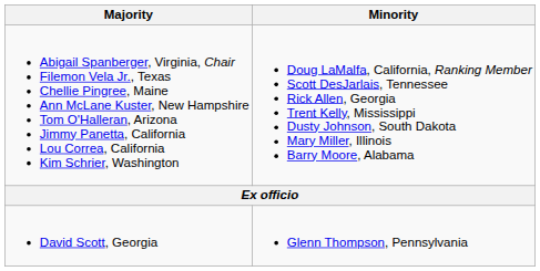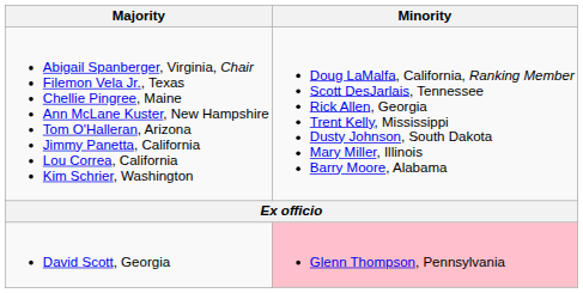 <table class=wikitable>
 <tr>
 <th>Majority</th>
 <th>Minority</th>
 </tr>
 <tr>
 <td><br><ul><li><a href='#'>Abigail Spanberger</a>, Virginia, <em>Chair</em></li><li><a href='#'>Filemon Vela Jr.</a>, Texas</li><li><a href='#'>Chellie Pingree</a>, Maine</li><li><a href='#'>Ann McLane Kuster</a>, New Hampshire</li><li><a href='#'>Tom O'Halleran</a>, Arizona</li><li><a href='#'>Jimmy Panetta</a>, California</li><li><a href='#'>Lou Correa</a>, California</li><li><a href='#'>Kim Schrier</a>, Washington</li></ul></td>
 <td><br><ul><li><a href='#'>Doug LaMalfa</a>, California, <em>Ranking Member</em></li><li><a href='#'>Scott DesJarlais</a>, Tennessee</li><li><a href='#'>Rick Allen</a>, Georgia</li><li><a href='#'>Trent Kelly</a>, Mississippi</li><li><a href='#'>Dusty Johnson</a>, South Dakota</li><li><a href='#'>Mary Miller</a>, Illinois</li><li><a href='#'>Barry Moore</a>, Alabama</li></ul></td>
 </tr>
 <tr>
 <th colspan=2><em>Ex officio</em></th>
 </tr>
 <tr>
 <td><br><ul><li><a href='#'>David Scott</a>, Georgia</li></ul></td>
-<td><br><ul><li><a href='#'>Glenn Thompson</a>, Pennsylvania</li></ul></td>
+<td style="background: pink;"><br><ul><li><a href='#'>Glenn Thompson</a>, Pennsylvania</li></ul></td>
 </tr>
 </table>
